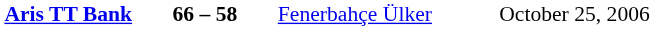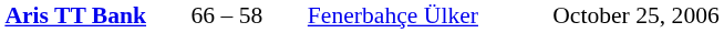 <table style="text-align:center">
 <tr>
 <th width=160></th>
 <th width=100></th>
 <th width=160></th>
 <th width=200></th>
 </tr>
 <tr>
 <td align=right><strong><a href='#'>Aris TT Bank</a></strong> </td>
-<td><strong>66 – 58</strong></td>
+<td>66 – 58</td>
 <td align=left> <a href='#'>Fenerbahçe Ülker</a></td>
 <td align=left>October 25, 2006</td>
 </tr>
 </table>
